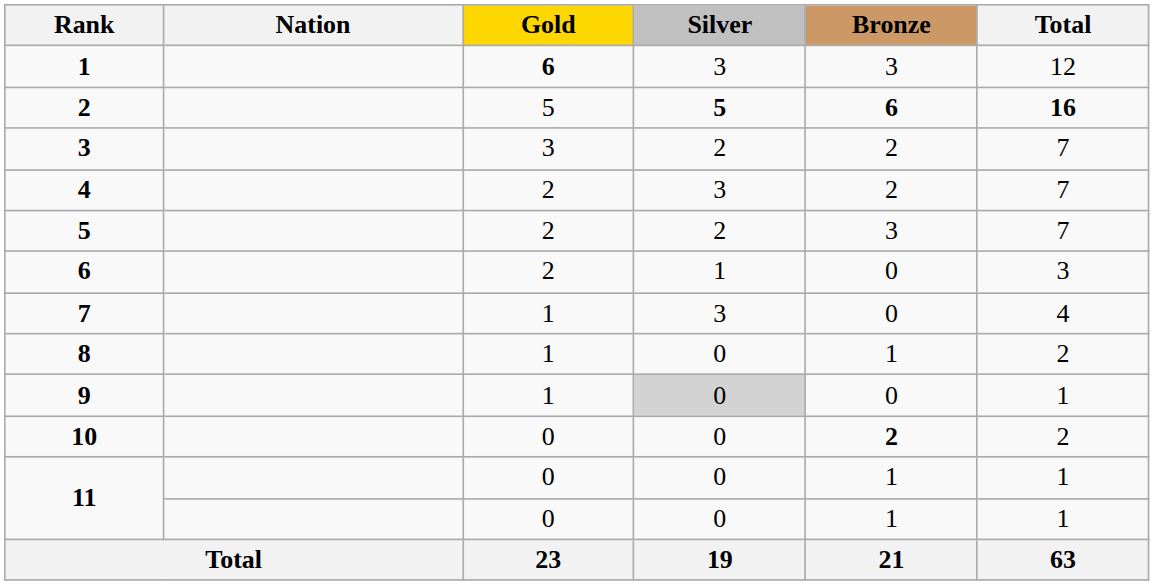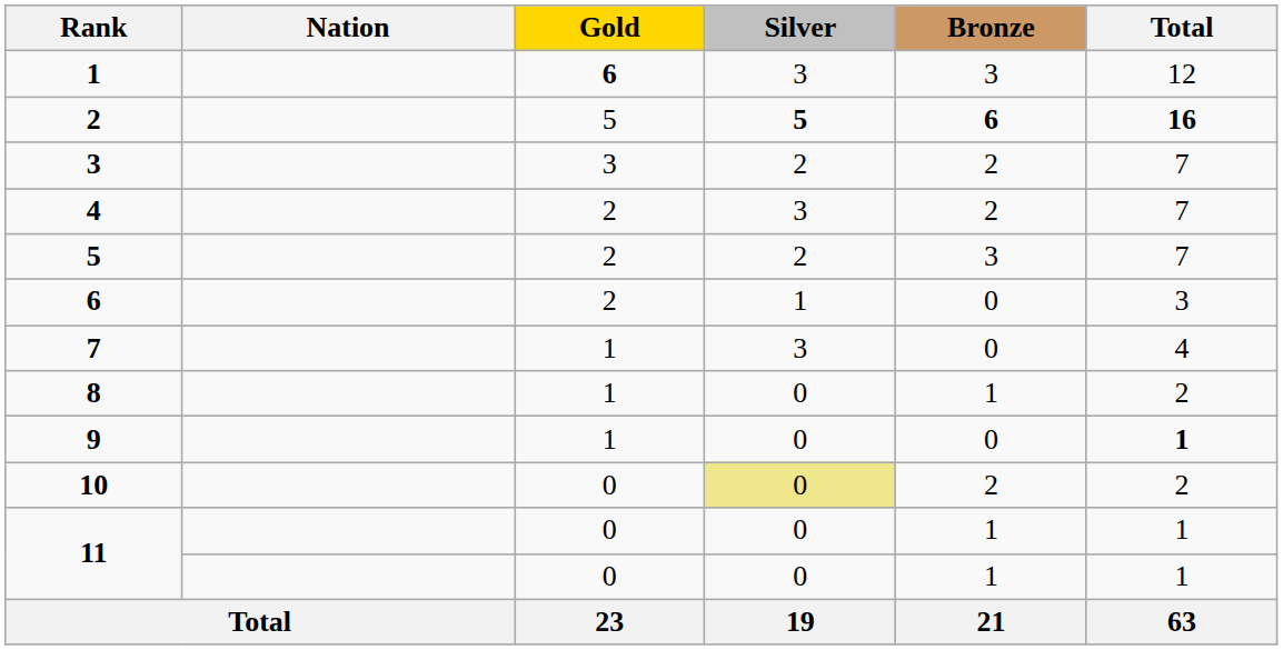 <table class="wikitable collapsible autocollapse plainrowheaders" width=80% style="text-align:center;">
 <tr style="background-color:#EDEDED;">
 <th width=100px class="hintergrundfarbe5">Rank</th>
 <th width=200px class="hintergrundfarbe6">Nation</th>
 <th style="background:    gold; width:15%">Gold</th>
 <th style="background:  silver; width:15%">Silver</th>
 <th style="background: #CC9966; width:15%">Bronze</th>
 <th class="hintergrundfarbe6" style="width:15%">Total</th>
 </tr>
 <tr>
 <td><strong>1</strong></td>
 <td align=left></td>
 <td><strong>6</strong></td>
 <td>3</td>
 <td>3</td>
 <td>12</td>
 </tr>
 <tr>
 <td><strong>2</strong></td>
 <td align=left></td>
 <td>5</td>
 <td><strong>5</strong></td>
 <td><strong>6</strong></td>
 <td><strong>16</strong></td>
 </tr>
 <tr>
 <td><strong>3</strong></td>
 <td align=left></td>
 <td>3</td>
 <td>2</td>
 <td>2</td>
 <td>7</td>
 </tr>
 <tr>
 <td><strong>4</strong></td>
 <td align=left><em></em></td>
 <td>2</td>
 <td>3</td>
 <td>2</td>
 <td>7</td>
 </tr>
 <tr>
 <td><strong>5</strong></td>
 <td align=left></td>
 <td>2</td>
 <td>2</td>
 <td>3</td>
 <td>7</td>
 </tr>
 <tr>
 <td><strong>6</strong></td>
 <td align=left></td>
 <td>2</td>
 <td>1</td>
 <td>0</td>
 <td>3</td>
 </tr>
 <tr>
 <td><strong>7</strong></td>
 <td align=left><em></em></td>
 <td>1</td>
 <td>3</td>
 <td>0</td>
 <td>4</td>
 </tr>
 <tr>
 <td><strong>8</strong></td>
 <td align=left><em></em></td>
 <td>1</td>
 <td>0</td>
 <td>1</td>
 <td>2</td>
 </tr>
 <tr>
 <td><strong>9</strong></td>
 <td align=left></td>
 <td>1</td>
-<td style="background: lightgrey;">0</td>
 <td>0</td>
-<td>1</td>
+<td>0</td>
+<td><strong>1</strong></td>
 </tr>
 <tr>
 <td><strong>10</strong></td>
 <td align=left></td>
 <td>0</td>
-<td>0</td>
-<td><strong>2</strong></td>
+<td style="background: khaki;">0</td>
+<td>2</td>
 <td>2</td>
 </tr>
 <tr>
 <td rowspan=2><strong>11</strong></td>
 <td align=left></td>
 <td>0</td>
 <td>0</td>
 <td>1</td>
 <td>1</td>
 </tr>
 <tr>
 <td align=left></td>
 <td>0</td>
 <td>0</td>
 <td>1</td>
 <td>1</td>
 </tr>
 <tr>
 <th colspan=2>Total</th>
 <th>23</th>
 <th>19</th>
 <th>21</th>
 <th>63</th>
 </tr>
 </table>
